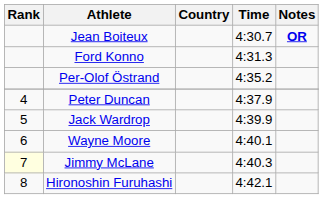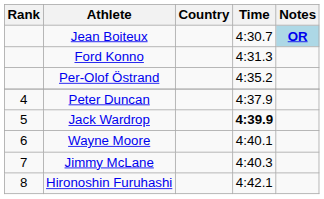 <table class="wikitable sortable" style="text-align:center">
 <tr>
 <th>Rank</th>
 <th>Athlete</th>
 <th>Country</th>
 <th>Time</th>
 <th>Notes</th>
 </tr>
 <tr>
 <td></td>
 <td><a href='#'>Jean Boiteux</a></td>
 <td align=left></td>
 <td>4:30.7</td>
-<td><strong><a href='#'>OR</a></strong></td>
+<td style="background: lightblue;"><strong><a href='#'>OR</a></strong></td>
 </tr>
 <tr>
 <td></td>
 <td><a href='#'>Ford Konno</a></td>
 <td align=left></td>
 <td>4:31.3</td>
 <td><strong> </strong></td>
 </tr>
 <tr>
 <td></td>
 <td><a href='#'>Per-Olof Östrand</a></td>
 <td align=left></td>
 <td>4:35.2</td>
 <td><strong> </strong></td>
 </tr>
 <tr>
 </tr>
 <tr>
 <td>4</td>
 <td><a href='#'>Peter Duncan</a></td>
 <td align=left></td>
 <td>4:37.9</td>
 <td><strong> </strong></td>
 </tr>
 <tr>
 <td>5</td>
 <td><a href='#'>Jack Wardrop</a></td>
 <td align=left></td>
-<td>4:39.9</td>
+<td><strong>4:39.9</strong></td>
 <td><strong> </strong></td>
 </tr>
 <tr>
 <td>6</td>
 <td><a href='#'>Wayne Moore</a></td>
 <td align=left></td>
 <td>4:40.1</td>
 <td><strong> </strong></td>
 </tr>
 <tr>
-<td style="background: lightyellow;">7</td>
+<td>7</td>
 <td><a href='#'>Jimmy McLane</a></td>
 <td align=left></td>
 <td>4:40.3</td>
 <td><strong> </strong></td>
 </tr>
 <tr>
 <td>8</td>
 <td><a href='#'>Hironoshin Furuhashi</a></td>
 <td align=left></td>
 <td>4:42.1</td>
 <td><strong> </strong></td>
 </tr>
 </table>
